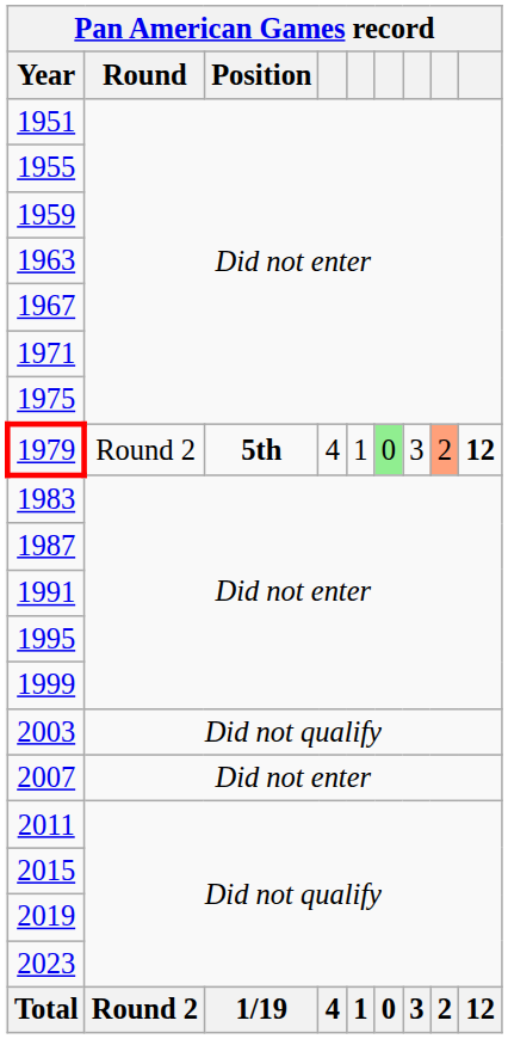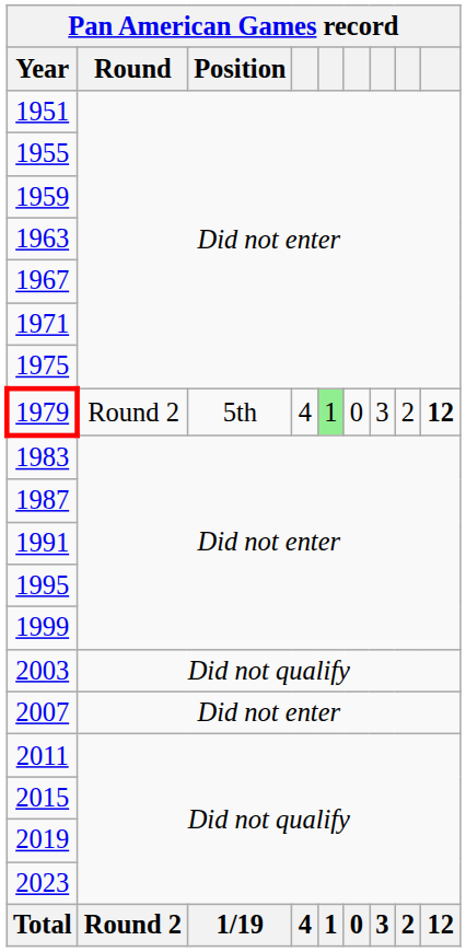 <table class="wikitable" style="text-align:center">
 <tr>
 <th colspan=9><a href='#'>Pan American Games</a> record</th>
 </tr>
 <tr>
 <th>Year</th>
 <th>Round</th>
 <th>Position</th>
 <th></th>
 <th></th>
 <th></th>
 <th></th>
 <th></th>
 <th></th>
 </tr>
 <tr>
 <td> <a href='#'>1951</a></td>
 <td colspan=8 rowspan=7><em>Did not enter</em></td>
 </tr>
 <tr>
 <td> <a href='#'>1955</a></td>
 </tr>
 <tr>
 <td> <a href='#'>1959</a></td>
 </tr>
 <tr>
 <td> <a href='#'>1963</a></td>
 </tr>
 <tr>
 <td> <a href='#'>1967</a></td>
 </tr>
 <tr>
 <td> <a href='#'>1971</a></td>
 </tr>
 <tr>
 <td> <a href='#'>1975</a></td>
 </tr>
 <tr>
 <td style="border: 3px solid red"> <a href='#'>1979</a></td>
 <td>Round 2</td>
-<td><strong>5th</strong></td>
+<td>5th</td>
 <td>4</td>
-<td>1</td>
-<td style="background: lightgreen;">0</td>
+<td style="background: lightgreen;">1</td>
+<td>0</td>
 <td>3</td>
-<td style="background: lightsalmon;">2</td>
+<td>2</td>
 <td><strong>12</strong></td>
 </tr>
 <tr>
 <td> <a href='#'>1983</a></td>
 <td colspan=8 rowspan=5><em>Did not enter</em></td>
 </tr>
 <tr>
 <td> <a href='#'>1987</a></td>
 </tr>
 <tr>
 <td> <a href='#'>1991</a></td>
 </tr>
 <tr>
 <td> <a href='#'>1995</a></td>
 </tr>
 <tr>
 <td> <a href='#'>1999</a></td>
 </tr>
 <tr>
 <td> <a href='#'>2003</a></td>
 <td colspan=8><em>Did not qualify</em></td>
 </tr>
 <tr>
 <td> <a href='#'>2007</a></td>
 <td colspan=8><em>Did not enter</em></td>
 </tr>
 <tr>
 <td> <a href='#'>2011</a></td>
 <td colspan=8 rowspan=4><em>Did not qualify</em></td>
 </tr>
 <tr>
 <td> <a href='#'>2015</a></td>
 </tr>
 <tr>
 <td> <a href='#'>2019</a></td>
 </tr>
 <tr>
 <td> <a href='#'>2023</a></td>
 </tr>
 <tr>
 <th>Total</th>
 <th>Round 2</th>
 <th>1/19</th>
 <th>4</th>
 <th>1</th>
 <th>0</th>
 <th>3</th>
 <th>2</th>
 <th>12</th>
 </tr>
 </table>
